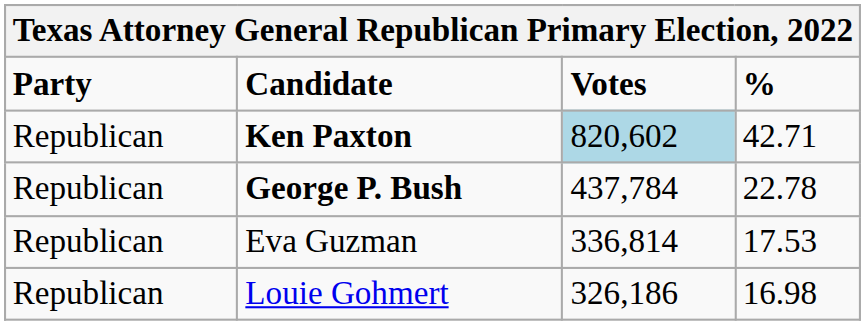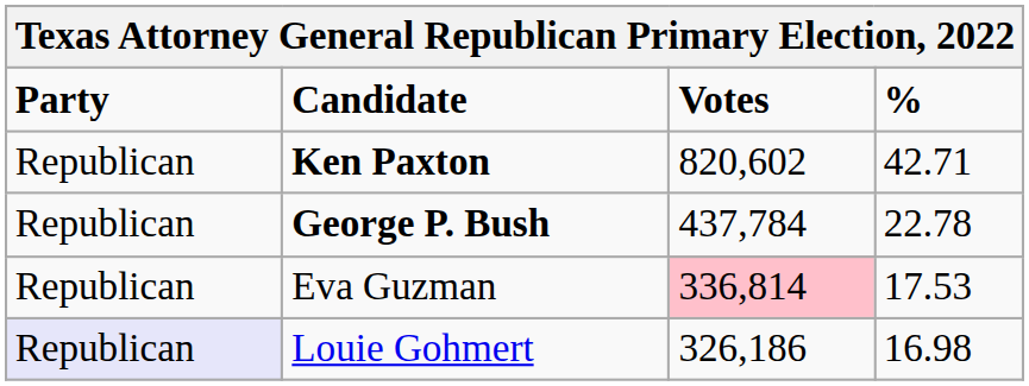 <table class="wikitable">
 <tr>
 <th colspan="5">Texas Attorney General Republican Primary Election, 2022</th>
 </tr>
 <tr>
 <td><strong>Party</strong></td>
 <td><strong>Candidate</strong></td>
 <td><strong>Votes</strong></td>
 <td><strong>%</strong></td>
 </tr>
 <tr>
 <td>Republican</td>
 <td><strong>Ken Paxton</strong></td>
-<td style="background: lightblue;">820,602</td>
+<td>820,602</td>
 <td>42.71</td>
 </tr>
 <tr>
 <td>Republican</td>
 <td><strong>George P. Bush</strong></td>
 <td>437,784</td>
 <td>22.78</td>
 </tr>
 <tr>
 <td>Republican</td>
 <td>Eva Guzman</td>
-<td>336,814</td>
+<td style="background: pink;">336,814</td>
 <td>17.53</td>
 </tr>
 <tr>
-<td>Republican</td>
+<td style="background: lavender;">Republican</td>
 <td><a href='#'>Louie Gohmert</a></td>
 <td>326,186</td>
 <td>16.98</td>
 </tr>
 </table>
